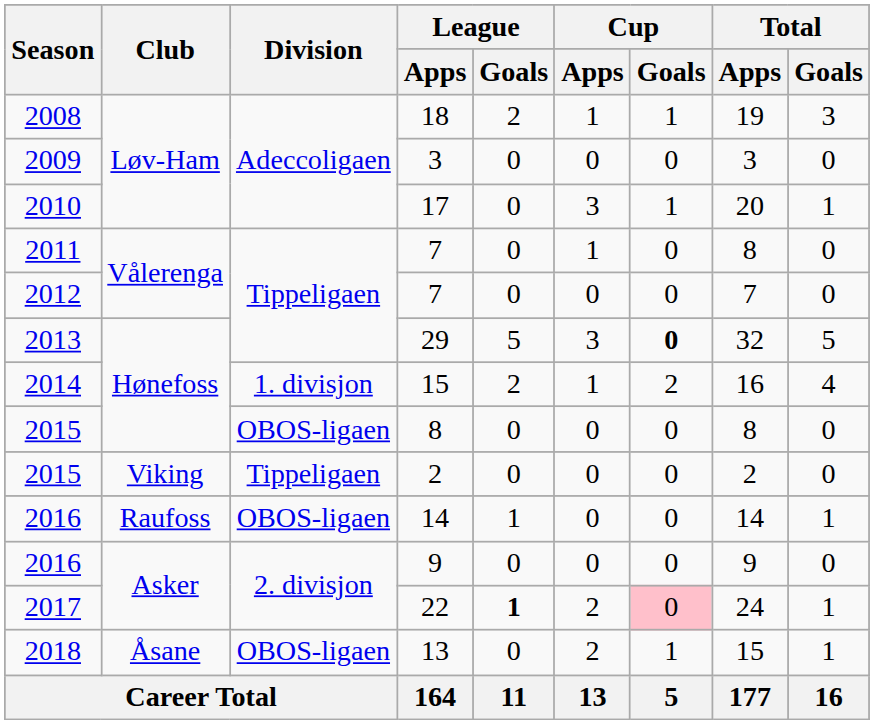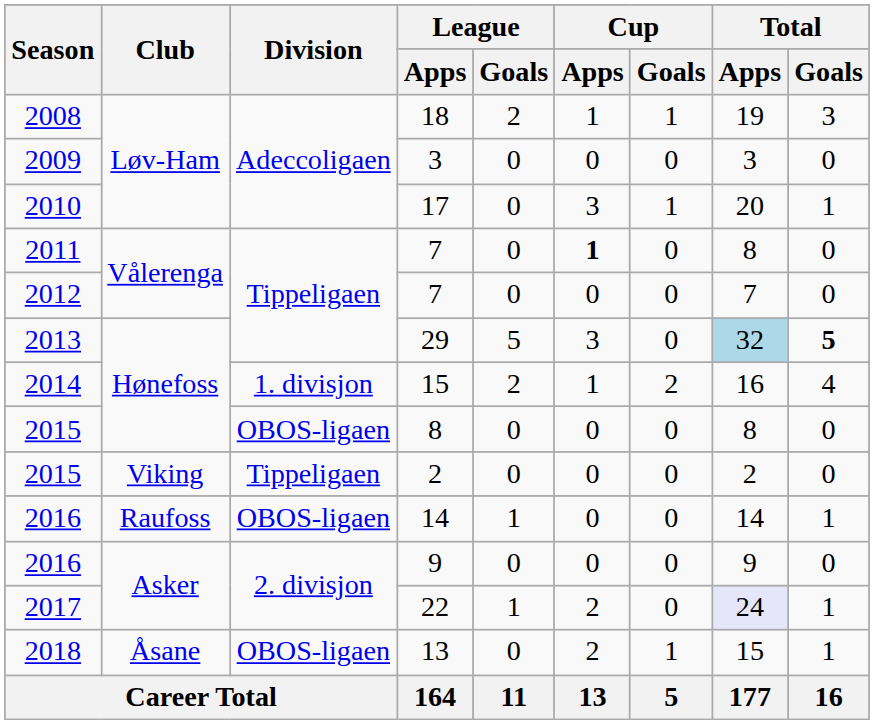 <table class="wikitable" style="text-align: center;">
 <tr>
 <th rowspan="2">Season</th>
 <th rowspan="2">Club</th>
 <th rowspan="2">Division</th>
 <th colspan="2">League</th>
 <th colspan="2">Cup</th>
 <th colspan="2">Total</th>
 </tr>
 <tr>
 <th>Apps</th>
 <th>Goals</th>
 <th>Apps</th>
 <th>Goals</th>
 <th>Apps</th>
 <th>Goals</th>
 </tr>
 <tr>
 <td><a href='#'>2008</a></td>
 <td rowspan="3" valign="center"><a href='#'>Løv-Ham</a></td>
 <td rowspan="3" valign="center"><a href='#'>Adeccoligaen</a></td>
 <td>18</td>
 <td>2</td>
 <td>1</td>
 <td>1</td>
 <td>19</td>
 <td>3</td>
 </tr>
 <tr>
 <td><a href='#'>2009</a></td>
 <td>3</td>
 <td>0</td>
 <td>0</td>
 <td>0</td>
 <td>3</td>
 <td>0</td>
 </tr>
 <tr>
 <td><a href='#'>2010</a></td>
 <td>17</td>
 <td>0</td>
 <td>3</td>
 <td>1</td>
 <td>20</td>
 <td>1</td>
 </tr>
 <tr>
 <td><a href='#'>2011</a></td>
 <td rowspan="2" valign="center"><a href='#'>Vålerenga</a></td>
 <td rowspan="3" valign="center"><a href='#'>Tippeligaen</a></td>
 <td>7</td>
 <td>0</td>
-<td>1</td>
+<td><strong>1</strong></td>
 <td>0</td>
 <td>8</td>
 <td>0</td>
 </tr>
 <tr>
 <td><a href='#'>2012</a></td>
 <td>7</td>
 <td>0</td>
 <td>0</td>
 <td>0</td>
 <td>7</td>
 <td>0</td>
 </tr>
 <tr>
 <td><a href='#'>2013</a></td>
 <td rowspan="3" valign="center"><a href='#'>Hønefoss</a></td>
 <td>29</td>
 <td>5</td>
 <td>3</td>
-<td><strong>0</strong></td>
-<td>32</td>
-<td>5</td>
+<td>0</td>
+<td style="background: lightblue;">32</td>
+<td><strong>5</strong></td>
 </tr>
 <tr>
 <td><a href='#'>2014</a></td>
 <td rowspan="1" valign="center"><a href='#'>1. divisjon</a></td>
 <td>15</td>
 <td>2</td>
 <td>1</td>
 <td>2</td>
 <td>16</td>
 <td>4</td>
 </tr>
 <tr>
 <td><a href='#'>2015</a></td>
 <td rowspan="1" valign="center"><a href='#'>OBOS-ligaen</a></td>
 <td>8</td>
 <td>0</td>
 <td>0</td>
 <td>0</td>
 <td>8</td>
 <td>0</td>
 </tr>
 <tr>
 <td><a href='#'>2015</a></td>
 <td rowspan="1" valign="center"><a href='#'>Viking</a></td>
 <td rowspan="1" valign="center"><a href='#'>Tippeligaen</a></td>
 <td>2</td>
 <td>0</td>
 <td>0</td>
 <td>0</td>
 <td>2</td>
 <td>0</td>
 </tr>
 <tr>
 <td><a href='#'>2016</a></td>
 <td rowspan="1" valign="center"><a href='#'>Raufoss</a></td>
 <td rowspan="1" valign="center"><a href='#'>OBOS-ligaen</a></td>
 <td>14</td>
 <td>1</td>
 <td>0</td>
 <td>0</td>
 <td>14</td>
 <td>1</td>
 </tr>
 <tr>
 <td><a href='#'>2016</a></td>
 <td rowspan="2" valign="center"><a href='#'>Asker</a></td>
 <td rowspan="2" valign="center"><a href='#'>2. divisjon</a></td>
 <td>9</td>
 <td>0</td>
 <td>0</td>
 <td>0</td>
 <td>9</td>
 <td>0</td>
 </tr>
 <tr>
 <td><a href='#'>2017</a></td>
 <td>22</td>
-<td><strong>1</strong></td>
+<td>1</td>
 <td>2</td>
-<td style="background: pink;">0</td>
-<td>24</td>
+<td>0</td>
+<td style="background: lavender;">24</td>
 <td>1</td>
 </tr>
 <tr>
 <td><a href='#'>2018</a></td>
 <td rowspan="1" valign="center"><a href='#'>Åsane</a></td>
 <td rowspan="1" valign="center"><a href='#'>OBOS-ligaen</a></td>
 <td>13</td>
 <td>0</td>
 <td>2</td>
 <td>1</td>
 <td>15</td>
 <td>1</td>
 </tr>
 <tr>
 <th colspan="3">Career Total</th>
 <th>164</th>
 <th>11</th>
 <th>13</th>
 <th>5</th>
 <th>177</th>
 <th>16</th>
 </tr>
 </table>
